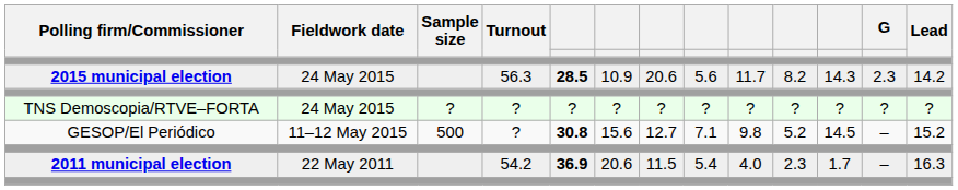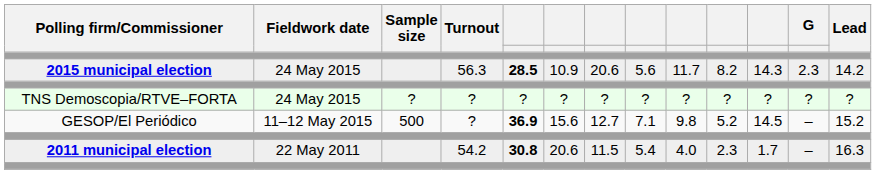 <table class="wikitable collapsible collapsed" style="text-align:center; font-size:95%; line-height:16px;">
 <tr style="height:42px;">
 <th style="width:250px;" rowspan="2">Polling firm/Commissioner</th>
 <th style="width:125px;" rowspan="2">Fieldwork date</th>
 <th style="width:50px;" rowspan="2">Sample size</th>
 <th style="width:45px;" rowspan="2">Turnout</th>
 <th style="width:35px;"></th>
 <th style="width:35px;"></th>
 <th style="width:35px;"></th>
 <th style="width:35px;"></th>
 <th style="width:35px;"></th>
 <th style="width:35px;"></th>
 <th style="width:35px;"></th>
 <th style="width:35px;">G</th>
 <th style="width:30px;" rowspan="2">Lead</th>
 </tr>
 <tr>
 <th style="color:inherit;background:"></th>
 <th style="color:inherit;background:"></th>
 <th style="color:inherit;background:"></th>
 <th style="color:inherit;background:"></th>
 <th style="color:inherit;background:"></th>
 <th style="color:inherit;background:"></th>
 <th style="color:inherit;background:"></th>
 <th style="color:inherit;background:"></th>
 </tr>
 <tr>
 <td colspan="13" style="background:#A0A0A0"></td>
 </tr>
 <tr style="background:#EFEFEF;">
 <td><strong><a href='#'>2015 municipal election</a></strong></td>
 <td>24 May 2015</td>
 <td></td>
 <td>56.3</td>
 <td><strong>28.5</strong><br></td>
 <td>10.9<br></td>
 <td>20.6<br></td>
 <td>5.6<br></td>
 <td>11.7<br></td>
 <td>8.2<br></td>
 <td>14.3<br></td>
 <td>2.3<br></td>
 <td style="background:">14.2</td>
 </tr>
 <tr>
 <td colspan="13" style="background:#A0A0A0"></td>
 </tr>
 <tr style="background:#EAFFEA;">
 <td>TNS Demoscopia/RTVE–FORTA</td>
 <td>24 May 2015</td>
 <td>?</td>
 <td>?</td>
 <td>?<br></td>
 <td>?<br></td>
 <td>?<br></td>
 <td>?<br></td>
 <td>?<br></td>
 <td>?<br></td>
 <td>?<br></td>
 <td>?<br></td>
 <td style="background:">?</td>
 </tr>
 <tr>
 <td>GESOP/El Periódico</td>
 <td>11–12 May 2015</td>
 <td>500</td>
 <td>?</td>
-<td><strong>30.8</strong><br></td>
+<td><strong>36.9</strong><br></td>
 <td>15.6<br></td>
 <td>12.7<br></td>
 <td>7.1<br></td>
 <td>9.8<br></td>
 <td>5.2<br></td>
 <td>14.5<br></td>
 <td>–</td>
 <td style="background:">15.2</td>
 </tr>
 <tr>
 <td colspan="13" style="background:#A0A0A0"></td>
 </tr>
 <tr style="background:#EFEFEF;">
 <td><strong><a href='#'>2011 municipal election</a></strong></td>
 <td>22 May 2011</td>
 <td></td>
 <td>54.2</td>
-<td><strong>36.9</strong><br></td>
+<td><strong>30.8</strong><br></td>
 <td>20.6<br></td>
 <td>11.5<br></td>
 <td>5.4<br></td>
 <td>4.0<br></td>
 <td>2.3<br></td>
 <td>1.7<br></td>
 <td>–</td>
 <td style="background:">16.3</td>
 </tr>
 <tr>
 <td colspan="13" style="background:#A0A0A0"></td>
 </tr>
 </table>
